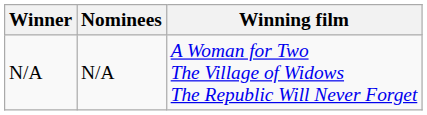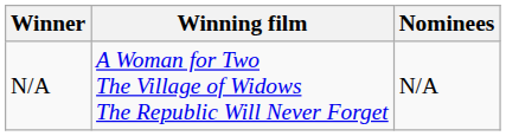 <table class="wikitable">
 <tr>
 <th>Winner</th>
+<th>Winning film</th>
 <th>Nominees</th>
-<th>Winning film</th>
 </tr>
 <tr>
 <td>N/A</td>
+<td><em><a href='#'>A Woman for Two</a></em><br><em><a href='#'>The Village of Widows</a></em><br><em><a href='#'>The Republic Will Never Forget</a></em></td>
 <td>N/A</td>
-<td><em><a href='#'>A Woman for Two</a></em><br><em><a href='#'>The Village of Widows</a></em><br><em><a href='#'>The Republic Will Never Forget</a></em></td>
 </tr>
 </table>
